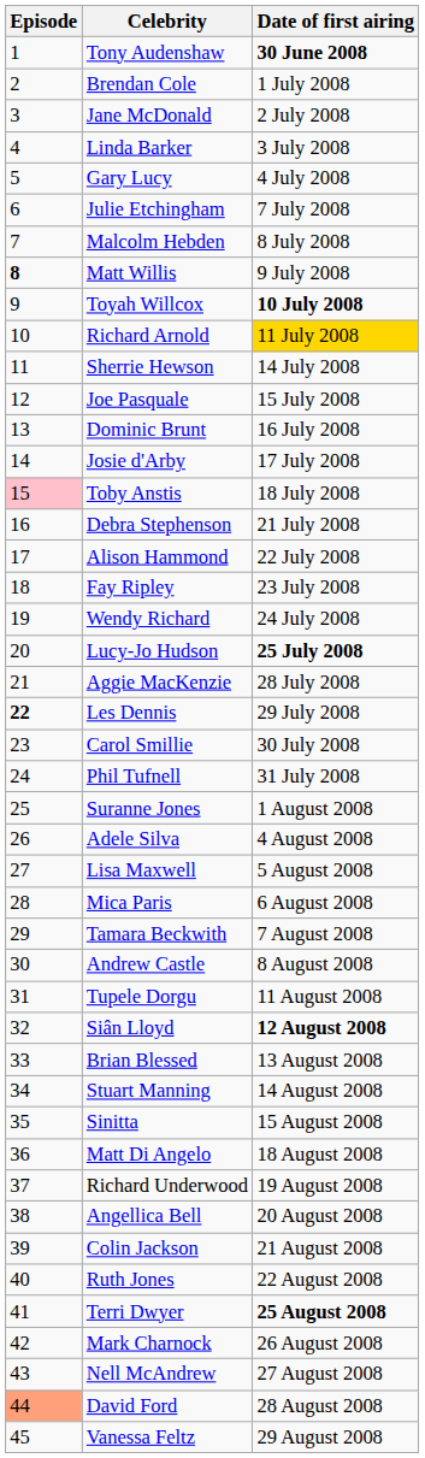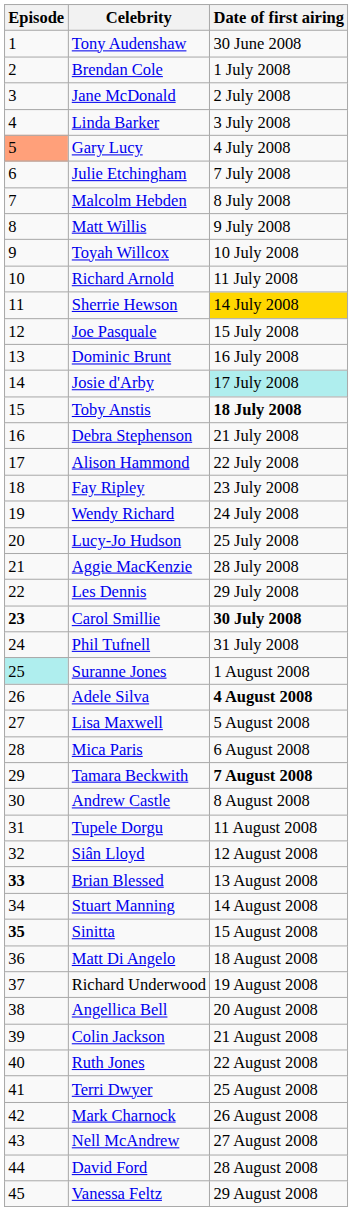 <table class="wikitable">
 <tr>
 <th>Episode</th>
 <th>Celebrity</th>
 <th>Date of first airing</th>
 </tr>
 <tr>
 <td>1</td>
 <td><a href='#'>Tony Audenshaw</a></td>
-<td><strong>30 June 2008</strong></td>
+<td>30 June 2008</td>
 </tr>
 <tr>
 <td>2</td>
 <td><a href='#'>Brendan Cole</a></td>
 <td>1 July 2008</td>
 </tr>
 <tr>
 <td>3</td>
 <td><a href='#'>Jane McDonald</a></td>
 <td>2 July 2008</td>
 </tr>
 <tr>
 <td>4</td>
 <td><a href='#'>Linda Barker</a></td>
 <td>3 July 2008</td>
 </tr>
 <tr>
-<td>5</td>
+<td style="background: lightsalmon;">5</td>
 <td><a href='#'>Gary Lucy</a></td>
 <td>4 July 2008</td>
 </tr>
 <tr>
 <td>6</td>
 <td><a href='#'>Julie Etchingham</a></td>
 <td>7 July 2008</td>
 </tr>
 <tr>
 <td>7</td>
 <td><a href='#'>Malcolm Hebden</a></td>
 <td>8 July 2008</td>
 </tr>
 <tr>
-<td><strong>8</strong></td>
+<td>8</td>
 <td><a href='#'>Matt Willis</a></td>
 <td>9 July 2008</td>
 </tr>
 <tr>
 <td>9</td>
 <td><a href='#'>Toyah Willcox</a></td>
-<td><strong>10 July 2008</strong></td>
+<td>10 July 2008</td>
 </tr>
 <tr>
 <td>10</td>
 <td><a href='#'>Richard Arnold</a></td>
-<td style="background: gold;">11 July 2008</td>
+<td>11 July 2008</td>
 </tr>
 <tr>
 <td>11</td>
 <td><a href='#'>Sherrie Hewson</a></td>
-<td>14 July 2008</td>
+<td style="background: gold;">14 July 2008</td>
 </tr>
 <tr>
 <td>12</td>
 <td><a href='#'>Joe Pasquale</a></td>
 <td>15 July 2008</td>
 </tr>
 <tr>
 <td>13</td>
 <td><a href='#'>Dominic Brunt</a></td>
 <td>16 July 2008</td>
 </tr>
 <tr>
 <td>14</td>
 <td><a href='#'>Josie d'Arby</a></td>
-<td>17 July 2008</td>
+<td style="background: paleturquoise;">17 July 2008</td>
 </tr>
 <tr>
-<td style="background: pink;">15</td>
+<td>15</td>
 <td><a href='#'>Toby Anstis</a></td>
-<td>18 July 2008</td>
+<td><strong>18 July 2008</strong></td>
 </tr>
 <tr>
 <td>16</td>
 <td><a href='#'>Debra Stephenson</a></td>
 <td>21 July 2008</td>
 </tr>
 <tr>
 <td>17</td>
 <td><a href='#'>Alison Hammond</a></td>
 <td>22 July 2008</td>
 </tr>
 <tr>
 <td>18</td>
 <td><a href='#'>Fay Ripley</a></td>
 <td>23 July 2008</td>
 </tr>
 <tr>
 <td>19</td>
 <td><a href='#'>Wendy Richard</a></td>
 <td>24 July 2008</td>
 </tr>
 <tr>
 <td>20</td>
 <td><a href='#'>Lucy-Jo Hudson</a></td>
-<td><strong>25 July 2008</strong></td>
+<td>25 July 2008</td>
 </tr>
 <tr>
 <td>21</td>
 <td><a href='#'>Aggie MacKenzie</a></td>
 <td>28 July 2008</td>
 </tr>
 <tr>
-<td><strong>22</strong></td>
+<td>22</td>
 <td><a href='#'>Les Dennis</a></td>
 <td>29 July 2008</td>
 </tr>
 <tr>
-<td>23</td>
+<td><strong>23</strong></td>
 <td><a href='#'>Carol Smillie</a></td>
-<td>30 July 2008</td>
+<td><strong>30 July 2008</strong></td>
 </tr>
 <tr>
 <td>24</td>
 <td><a href='#'>Phil Tufnell</a></td>
 <td>31 July 2008</td>
 </tr>
 <tr>
-<td>25</td>
+<td style="background: paleturquoise;">25</td>
 <td><a href='#'>Suranne Jones</a></td>
 <td>1 August 2008</td>
 </tr>
 <tr>
 <td>26</td>
 <td><a href='#'>Adele Silva</a></td>
-<td>4 August 2008</td>
+<td><strong>4 August 2008</strong></td>
 </tr>
 <tr>
 <td>27</td>
 <td><a href='#'>Lisa Maxwell</a></td>
 <td>5 August 2008</td>
 </tr>
 <tr>
 <td>28</td>
 <td><a href='#'>Mica Paris</a></td>
 <td>6 August 2008</td>
 </tr>
 <tr>
 <td>29</td>
 <td><a href='#'>Tamara Beckwith</a></td>
-<td>7 August 2008</td>
+<td><strong>7 August 2008</strong></td>
 </tr>
 <tr>
 <td>30</td>
 <td><a href='#'>Andrew Castle</a></td>
 <td>8 August 2008</td>
 </tr>
 <tr>
 <td>31</td>
 <td><a href='#'>Tupele Dorgu</a></td>
 <td>11 August 2008</td>
 </tr>
 <tr>
 <td>32</td>
 <td><a href='#'>Siân Lloyd</a></td>
-<td><strong>12 August 2008</strong></td>
+<td>12 August 2008</td>
 </tr>
 <tr>
-<td>33</td>
+<td><strong>33</strong></td>
 <td><a href='#'>Brian Blessed</a></td>
 <td>13 August 2008</td>
 </tr>
 <tr>
 <td>34</td>
 <td><a href='#'>Stuart Manning</a></td>
 <td>14 August 2008</td>
 </tr>
 <tr>
-<td>35</td>
+<td><strong>35</strong></td>
 <td><a href='#'>Sinitta</a></td>
 <td>15 August 2008</td>
 </tr>
 <tr>
 <td>36</td>
 <td><a href='#'>Matt Di Angelo</a></td>
 <td>18 August 2008</td>
 </tr>
 <tr>
 <td>37</td>
 <td>Richard Underwood</td>
 <td>19 August 2008</td>
 </tr>
 <tr>
 <td>38</td>
 <td><a href='#'>Angellica Bell</a></td>
 <td>20 August 2008</td>
 </tr>
 <tr>
 <td>39</td>
 <td><a href='#'>Colin Jackson</a></td>
 <td>21 August 2008</td>
 </tr>
 <tr>
 <td>40</td>
 <td><a href='#'>Ruth Jones</a></td>
 <td>22 August 2008</td>
 </tr>
 <tr>
 <td>41</td>
 <td><a href='#'>Terri Dwyer</a></td>
-<td><strong>25 August 2008</strong></td>
+<td>25 August 2008</td>
 </tr>
 <tr>
 <td>42</td>
 <td><a href='#'>Mark Charnock</a></td>
 <td>26 August 2008</td>
 </tr>
 <tr>
 <td>43</td>
 <td><a href='#'>Nell McAndrew</a></td>
 <td>27 August 2008</td>
 </tr>
 <tr>
-<td style="background: lightsalmon;">44</td>
+<td>44</td>
 <td><a href='#'>David Ford</a></td>
 <td>28 August 2008</td>
 </tr>
 <tr>
 <td>45</td>
 <td><a href='#'>Vanessa Feltz</a></td>
 <td>29 August 2008</td>
 </tr>
 </table>
